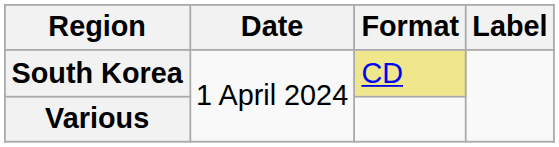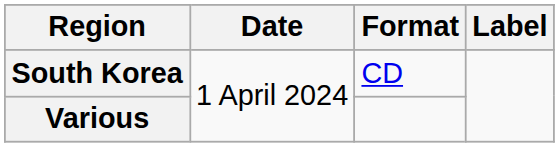 <table class="wikitable plainrowheaders">
 <tr>
 <th scope="col">Region</th>
 <th scope="col">Date</th>
 <th scope="col">Format</th>
 <th scope="col">Label</th>
 </tr>
 <tr>
 <th scope="row">South Korea</th>
 <td rowspan="2">1 April 2024</td>
-<td style="background: khaki;"><a href='#'>CD</a></td>
+<td><a href='#'>CD</a></td>
 <td rowspan="2"></td>
 </tr>
 <tr>
 <th scope="row">Various </th>
 <td></td>
 </tr>
 </table>
